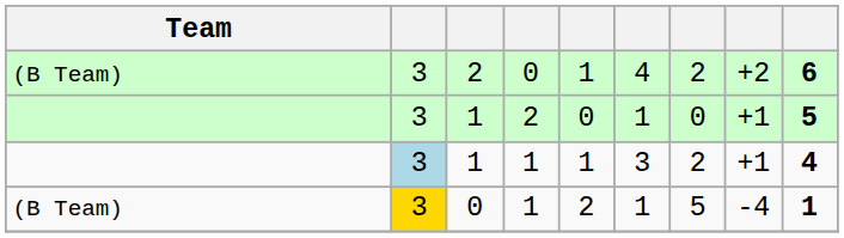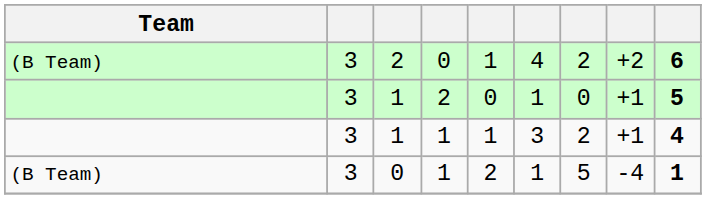 <table class="wikitable" style="text-align:center">
 <tr>
 <th width="175">Team</th>
 <th width="20"></th>
 <th width="20"></th>
 <th width="20"></th>
 <th width="20"></th>
 <th width="20"></th>
 <th width="20"></th>
 <th width="20"></th>
 <th width="20"></th>
 </tr>
 <tr bgcolor=ccffcc>
 <td align=left> <small> (B Team) </small></td>
 <td>3</td>
 <td>2</td>
 <td>0</td>
 <td>1</td>
 <td>4</td>
 <td>2</td>
 <td>+2</td>
 <td><strong>6</strong></td>
 </tr>
 <tr bgcolor=ccffcc>
 <td align=left></td>
 <td>3</td>
 <td>1</td>
 <td>2</td>
 <td>0</td>
 <td>1</td>
 <td>0</td>
 <td>+1</td>
 <td><strong>5</strong></td>
 </tr>
 <tr>
 <td align=left></td>
-<td style="background: lightblue;">3</td>
+<td>3</td>
 <td>1</td>
 <td>1</td>
 <td>1</td>
 <td>3</td>
 <td>2</td>
 <td>+1</td>
 <td><strong>4</strong></td>
 </tr>
 <tr>
 <td align=left> <small> (B Team) </small></td>
-<td style="background: gold;">3</td>
+<td>3</td>
 <td>0</td>
 <td>1</td>
 <td>2</td>
 <td>1</td>
 <td>5</td>
 <td>-4</td>
 <td><strong>1</strong></td>
 </tr>
 <tr>
 </tr>
 </table>
